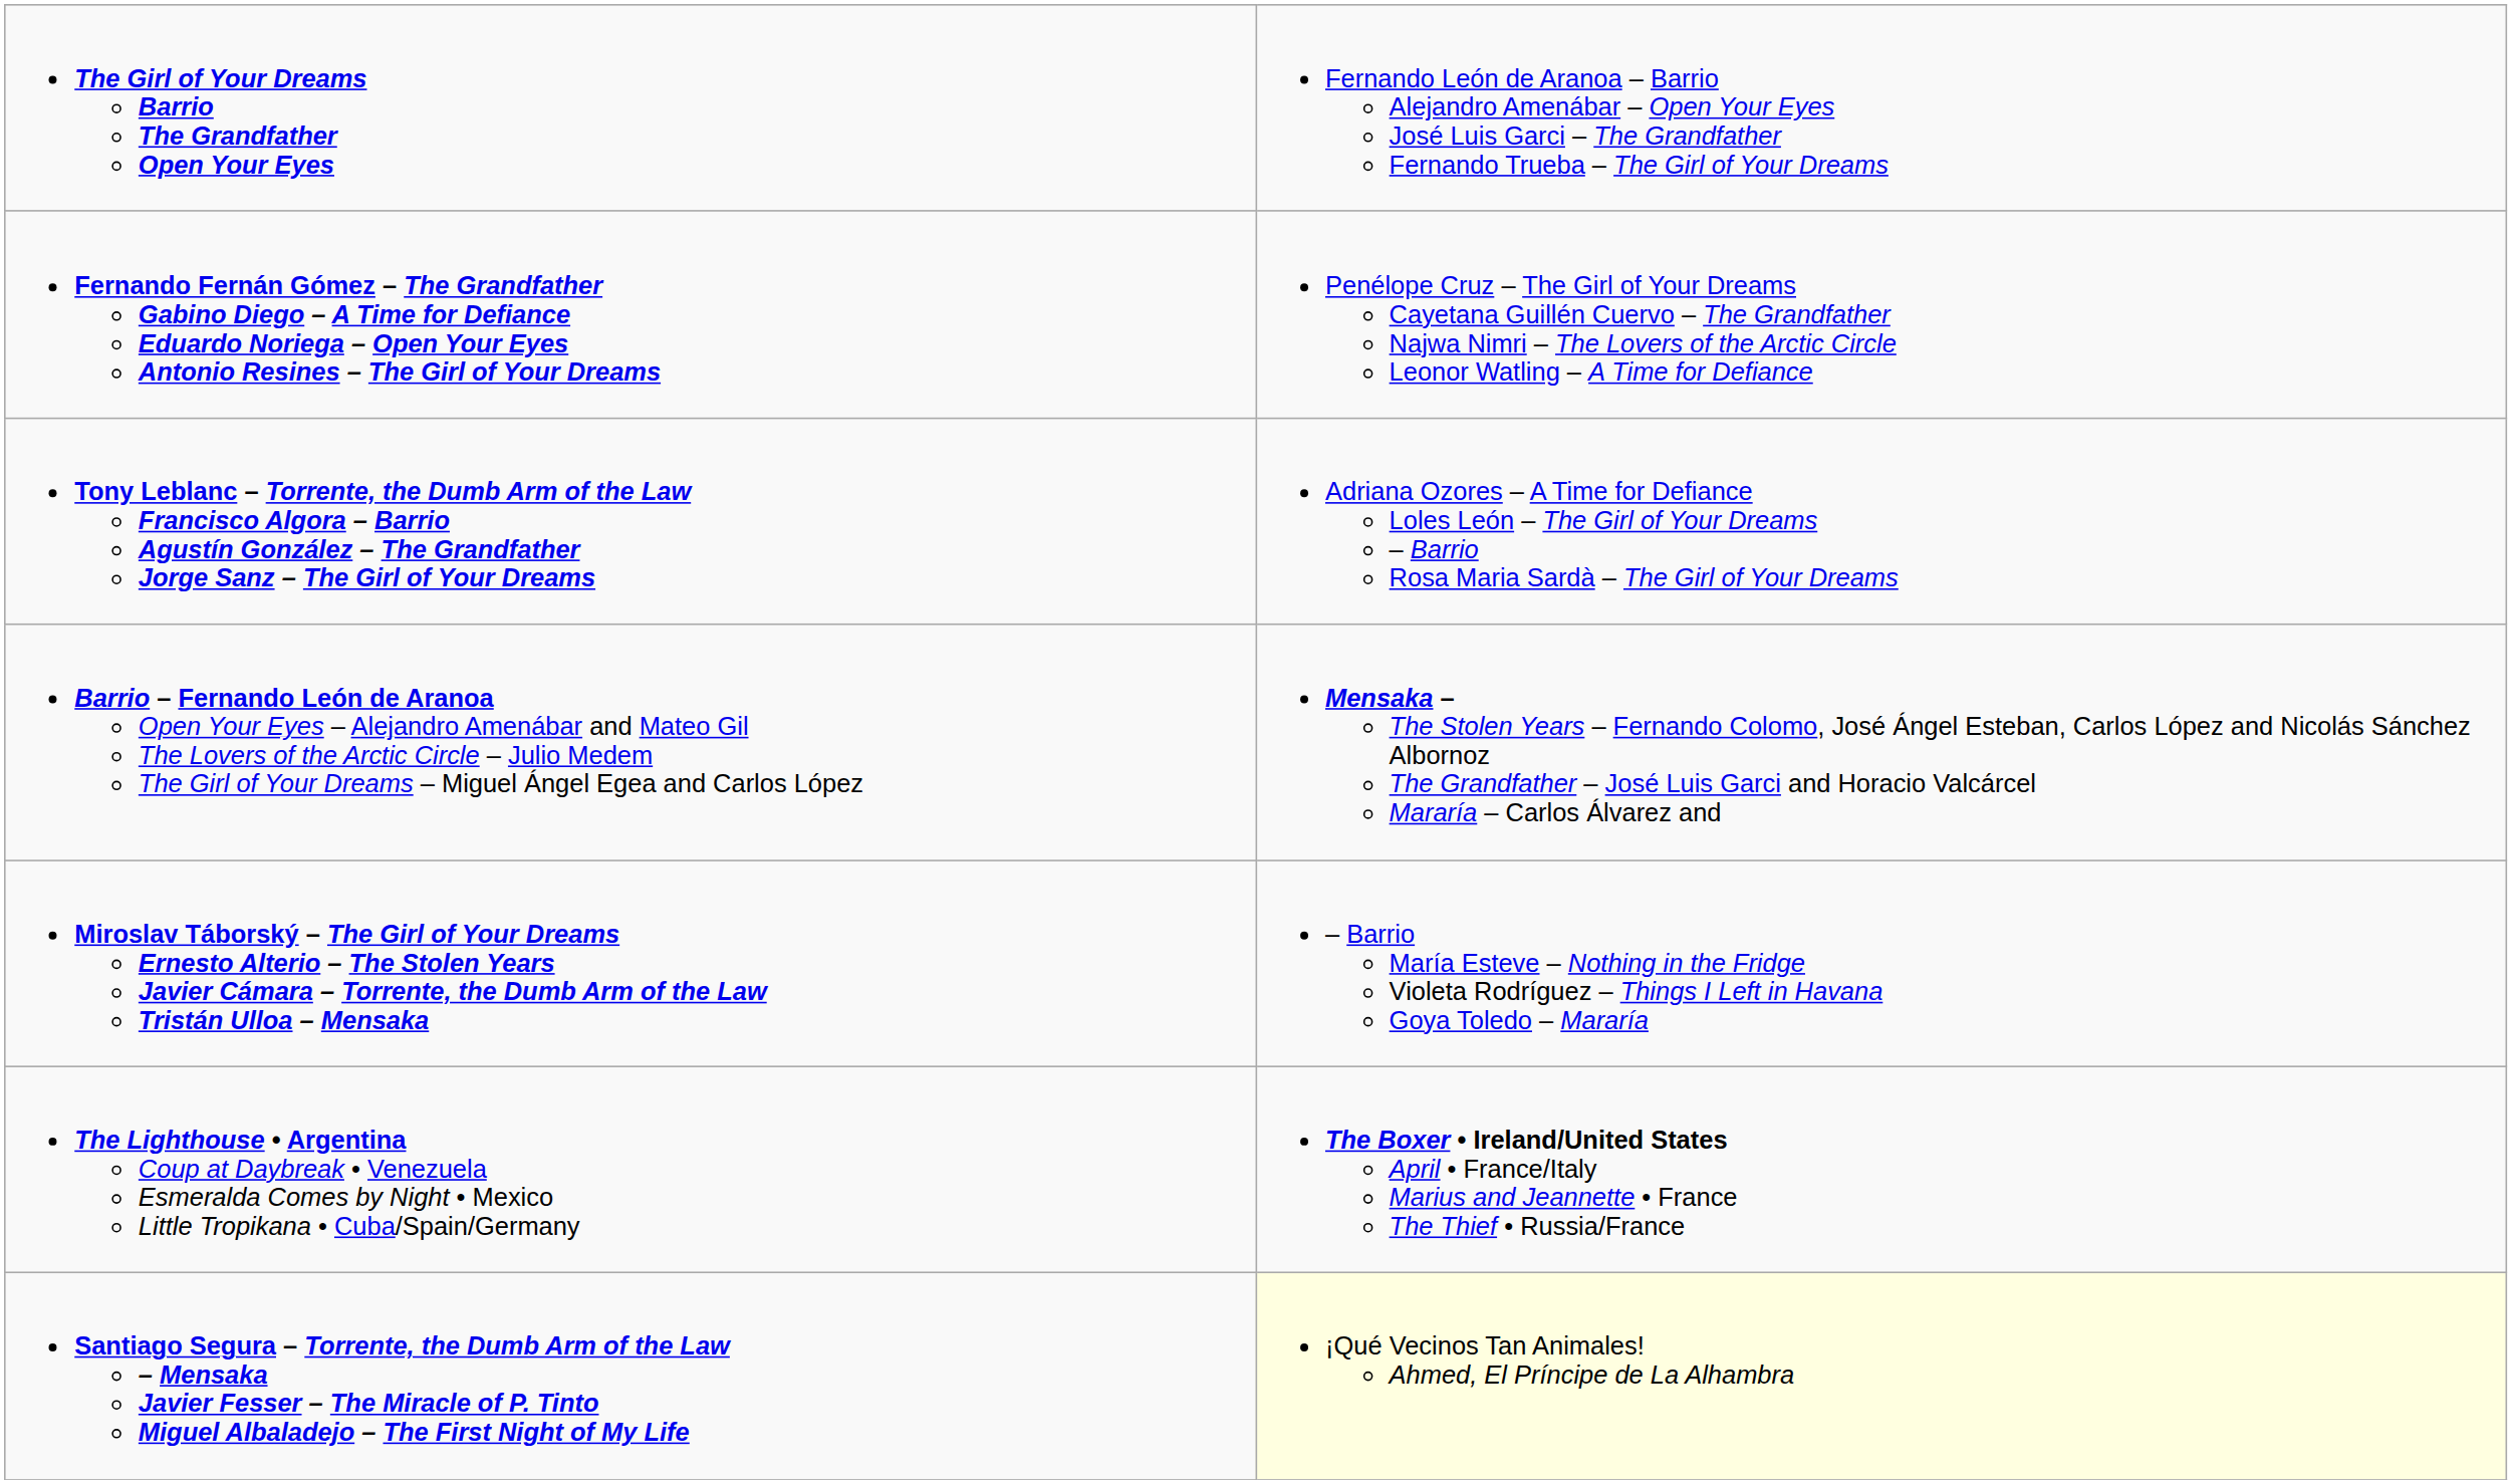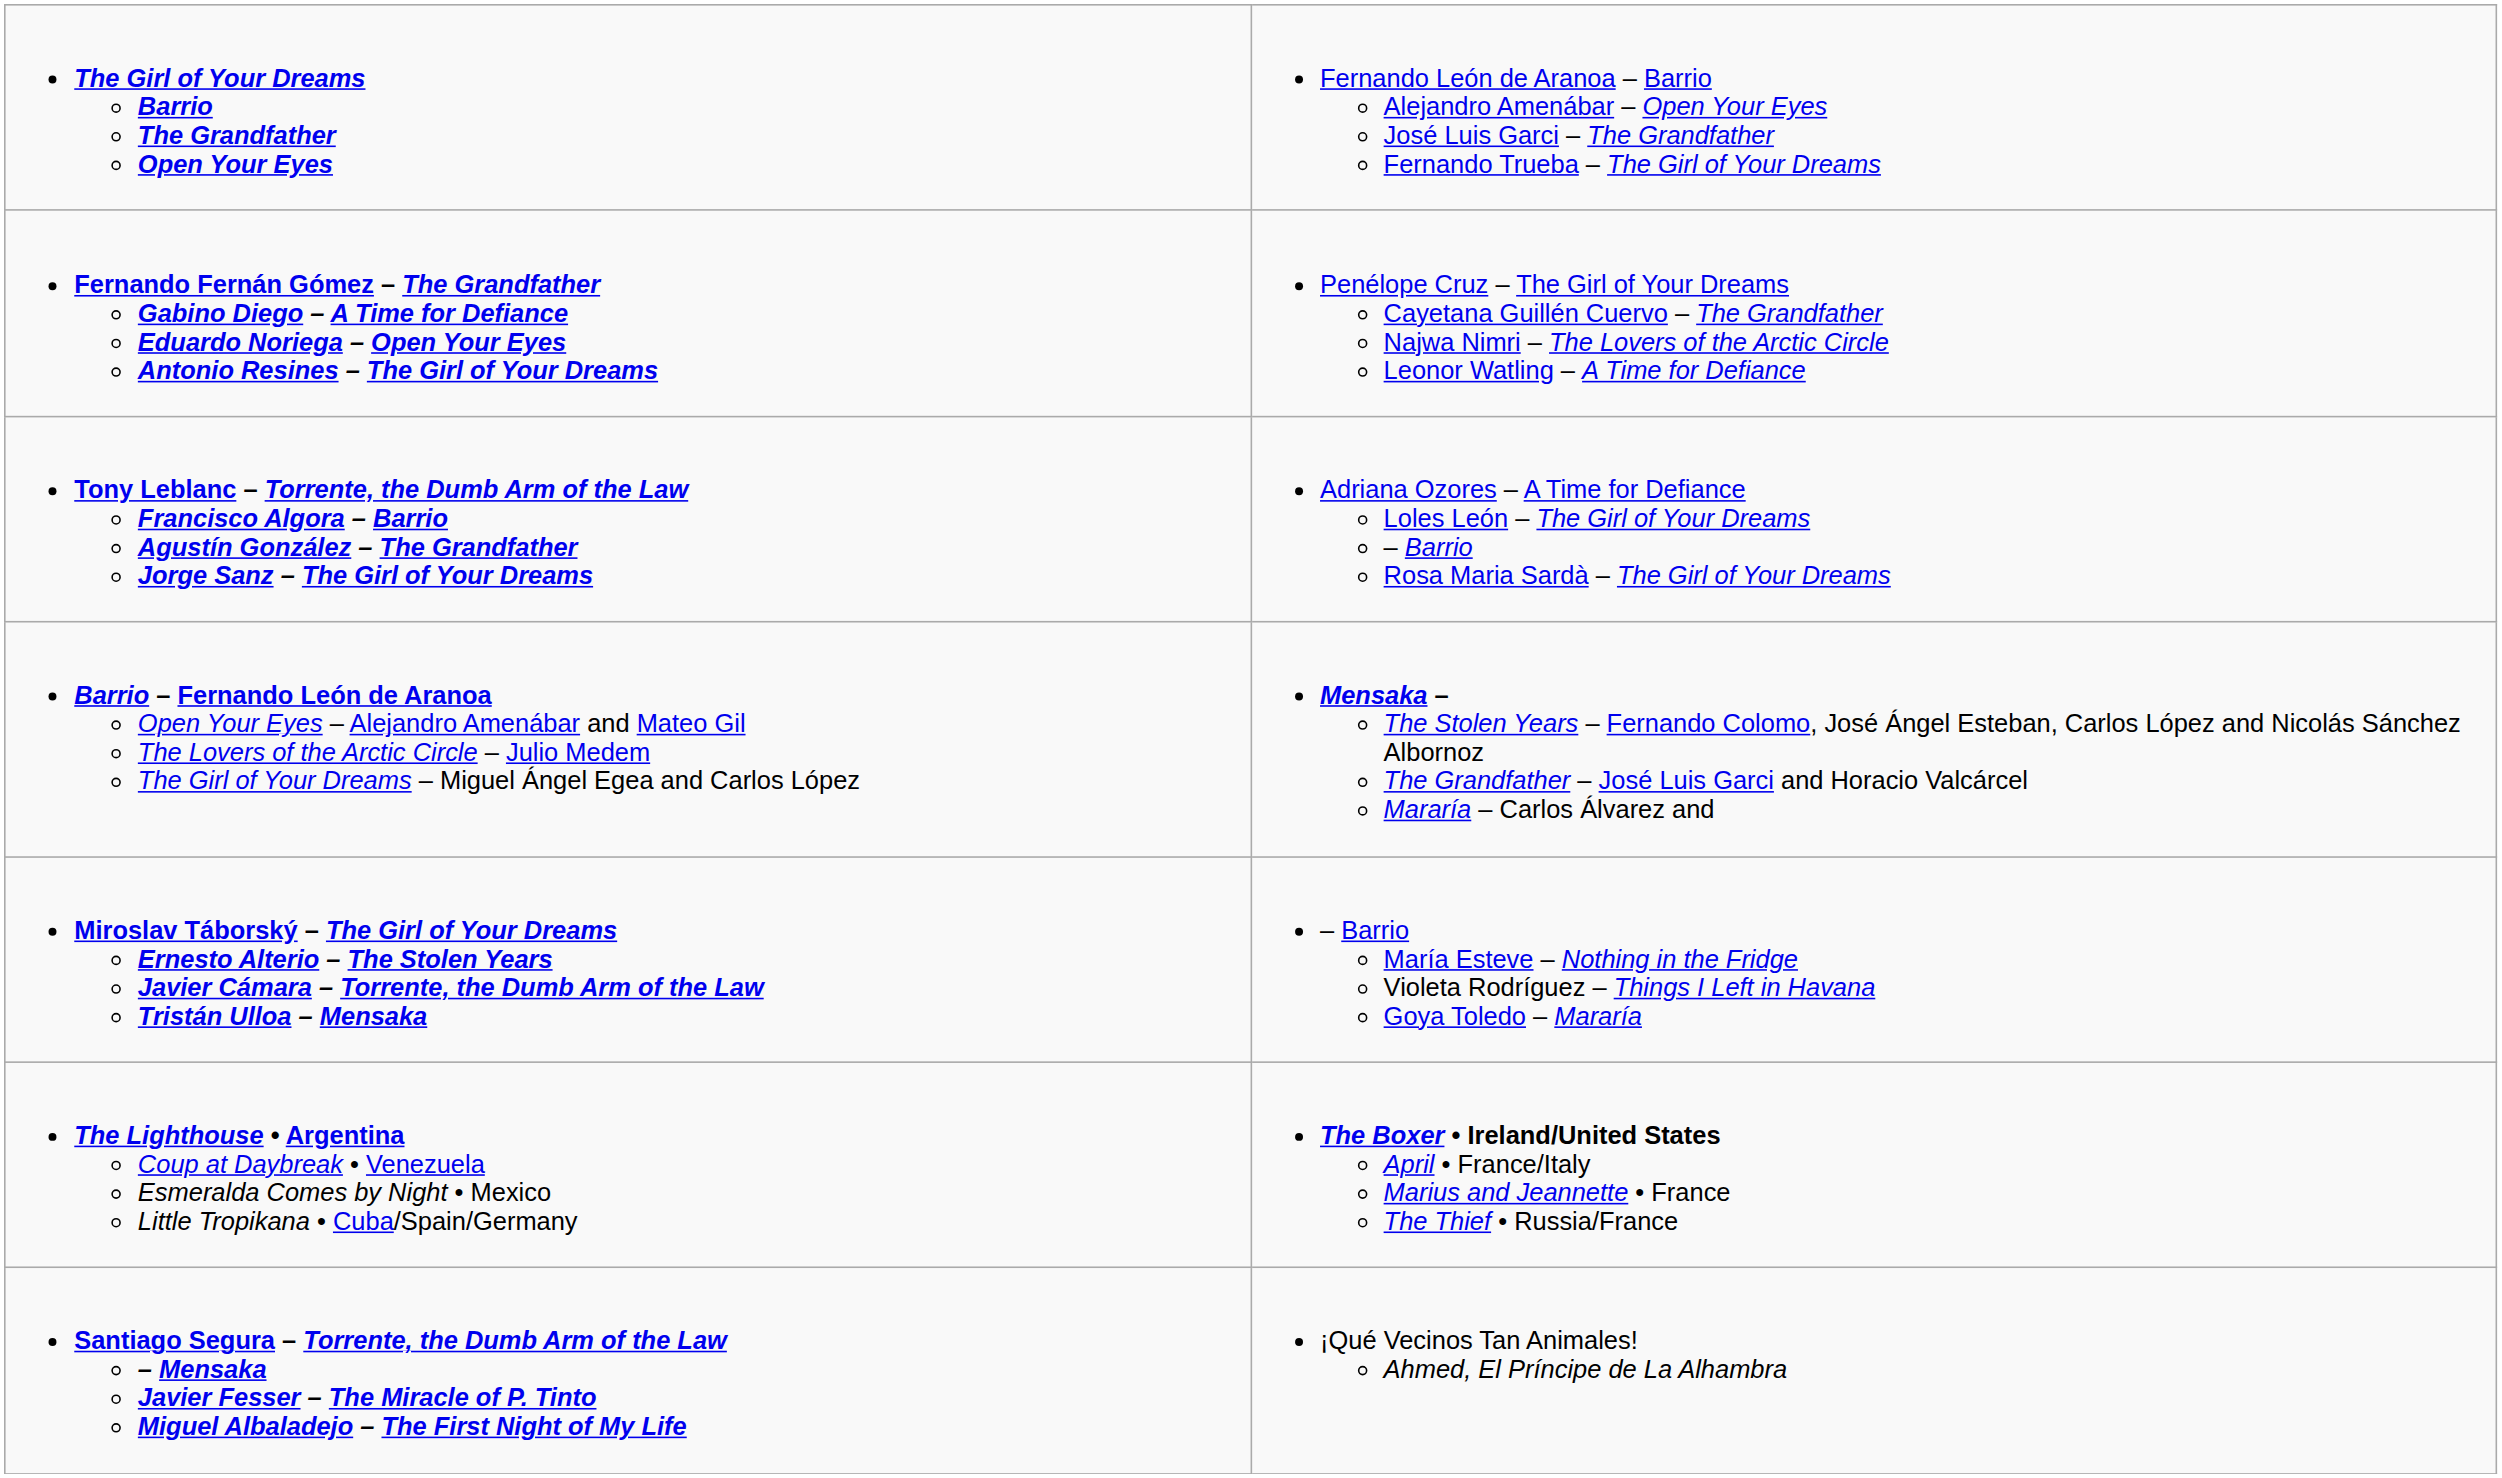 <table class=wikitable style="width=100%">
 <tr>
 <td style="vertical-align:top;" width="50%"><br><ul><li><strong> <em><a href='#'>The Girl of Your Dreams</a><strong><em><ul><li></em><a href='#'>Barrio</a><em></li><li></em><a href='#'>The Grandfather</a><em></li><li></em><a href='#'>Open Your Eyes</a><em></li></ul></li></ul></td>
 <td style="vertical-align:top;" width="50%"><br><ul><li></strong> <a href='#'>Fernando León de Aranoa</a> – </em><a href='#'>Barrio</a></em></strong><ul><li><a href='#'>Alejandro Amenábar</a> – <em><a href='#'>Open Your Eyes</a></em></li><li><a href='#'>José Luis Garci</a> – <em><a href='#'>The Grandfather</a></em></li><li><a href='#'>Fernando Trueba</a> – <em><a href='#'>The Girl of Your Dreams</a></em></li></ul></li></ul></td>
 </tr>
 <tr>
 <td style="vertical-align:top;" width="50%"><br><ul><li><strong> <a href='#'>Fernando Fernán Gómez</a> – <em><a href='#'>The Grandfather</a><strong><em><ul><li><a href='#'>Gabino Diego</a> – </em><a href='#'>A Time for Defiance</a><em></li><li><a href='#'>Eduardo Noriega</a> – </em><a href='#'>Open Your Eyes</a><em></li><li><a href='#'>Antonio Resines</a> – </em><a href='#'>The Girl of Your Dreams</a><em></li></ul></li></ul></td>
 <td style="vertical-align:top;" width="50%"><br><ul><li></strong> <a href='#'>Penélope Cruz</a> – </em><a href='#'>The Girl of Your Dreams</a></em></strong><ul><li><a href='#'>Cayetana Guillén Cuervo</a> – <em><a href='#'>The Grandfather</a></em></li><li><a href='#'>Najwa Nimri</a> – <em><a href='#'>The Lovers of the Arctic Circle</a></em></li><li><a href='#'>Leonor Watling</a> – <em><a href='#'>A Time for Defiance</a></em></li></ul></li></ul></td>
 </tr>
 <tr>
 <td style="vertical-align:top;" width="50%"><br><ul><li><strong> <a href='#'>Tony Leblanc</a> – <em><a href='#'>Torrente, the Dumb Arm of the Law</a><strong><em><ul><li><a href='#'>Francisco Algora</a> – </em><a href='#'>Barrio</a><em></li><li><a href='#'>Agustín González</a> – </em><a href='#'>The Grandfather</a><em></li><li><a href='#'>Jorge Sanz</a> – </em><a href='#'>The Girl of Your Dreams</a><em></li></ul></li></ul></td>
 <td style="vertical-align:top;" width="50%"><br><ul><li></strong> <a href='#'>Adriana Ozores</a> – </em><a href='#'>A Time for Defiance</a></em></strong><ul><li><a href='#'>Loles León</a> – <em><a href='#'>The Girl of Your Dreams</a></em></li><li> – <em><a href='#'>Barrio</a></em></li><li><a href='#'>Rosa Maria Sardà</a> – <em><a href='#'>The Girl of Your Dreams</a></em></li></ul></li></ul></td>
 </tr>
 <tr>
 <td style="vertical-align:top;" width="50%"><br><ul><li><strong> <em><a href='#'>Barrio</a></em> – <a href='#'>Fernando León de Aranoa</a></strong><ul><li><em><a href='#'>Open Your Eyes</a></em> – <a href='#'>Alejandro Amenábar</a> and <a href='#'>Mateo Gil</a></li><li><em><a href='#'>The Lovers of the Arctic Circle</a></em> – <a href='#'>Julio Medem</a></li><li><em><a href='#'>The Girl of Your Dreams</a></em> – Miguel Ángel Egea and Carlos López</li></ul></li></ul></td>
 <td style="vertical-align:top;" width="50%"><br><ul><li><strong> <em><a href='#'>Mensaka</a></em> – </strong><ul><li><em><a href='#'>The Stolen Years</a></em> – <a href='#'>Fernando Colomo</a>, José Ángel Esteban, Carlos López and Nicolás Sánchez Albornoz</li><li><em><a href='#'>The Grandfather</a></em> – <a href='#'>José Luis Garci</a> and Horacio Valcárcel</li><li><em><a href='#'>Mararía</a></em> – Carlos Álvarez and </li></ul></li></ul></td>
 </tr>
 <tr>
 <td style="vertical-align:top;" width="50%"><br><ul><li><strong> <a href='#'>Miroslav Táborský</a> – <em><a href='#'>The Girl of Your Dreams</a><strong><em><ul><li><a href='#'>Ernesto Alterio</a> – </em><a href='#'>The Stolen Years</a><em></li><li><a href='#'>Javier Cámara</a> – </em><a href='#'>Torrente, the Dumb Arm of the Law</a><em></li><li><a href='#'>Tristán Ulloa</a> – </em><a href='#'>Mensaka</a><em></li></ul></li></ul></td>
 <td style="vertical-align:top;" width="50%"><br><ul><li></strong> – </em><a href='#'>Barrio</a></em></strong><ul><li><a href='#'>María Esteve</a> – <em><a href='#'>Nothing in the Fridge</a></em></li><li>Violeta Rodríguez – <em><a href='#'>Things I Left in Havana</a></em></li><li><a href='#'>Goya Toledo</a> – <em><a href='#'>Mararía</a></em></li></ul></li></ul></td>
 </tr>
 <tr>
 <td style="vertical-align:top;" width="50%"><br><ul><li><strong> <em><a href='#'>The Lighthouse</a></em> • <a href='#'>Argentina</a></strong><ul><li><em><a href='#'>Coup at Daybreak</a></em> • <a href='#'>Venezuela</a></li><li><em>Esmeralda Comes by Night</em> • Mexico</li><li><em>Little Tropikana</em> • <a href='#'>Cuba</a>/Spain/Germany</li></ul></li></ul></td>
 <td style="vertical-align:top;" width="50%"><br><ul><li><strong> <em><a href='#'>The Boxer</a></em> • Ireland/United States</strong><ul><li><em><a href='#'>April</a></em> • France/Italy</li><li><em><a href='#'>Marius and Jeannette</a></em> • France</li><li><em><a href='#'>The Thief</a></em> • Russia/France</li></ul></li></ul></td>
 </tr>
 <tr>
 <td style="vertical-align:top;" width="50%"><br><ul><li><strong> <a href='#'>Santiago Segura</a> – <em><a href='#'>Torrente, the Dumb Arm of the Law</a><strong><em><ul><li> – </em><a href='#'>Mensaka</a><em></li><li><a href='#'>Javier Fesser</a> – </em><a href='#'>The Miracle of P. Tinto</a><em></li><li><a href='#'>Miguel Albaladejo</a> – </em><a href='#'>The First Night of My Life</a><em></li></ul></li></ul></td>
-<td style="background: lightyellow; vertical-align:top;" width="50%"><br><ul><li></strong> </em>¡Qué Vecinos Tan Animales!</em></strong><ul><li><em>Ahmed, El Príncipe de La Alhambra</em></li></ul></li></ul></td>
+<td style="vertical-align:top;" width="50%"><br><ul><li></strong> </em>¡Qué Vecinos Tan Animales!</em></strong><ul><li><em>Ahmed, El Príncipe de La Alhambra</em></li></ul></li></ul></td>
 </tr>
 </table>
